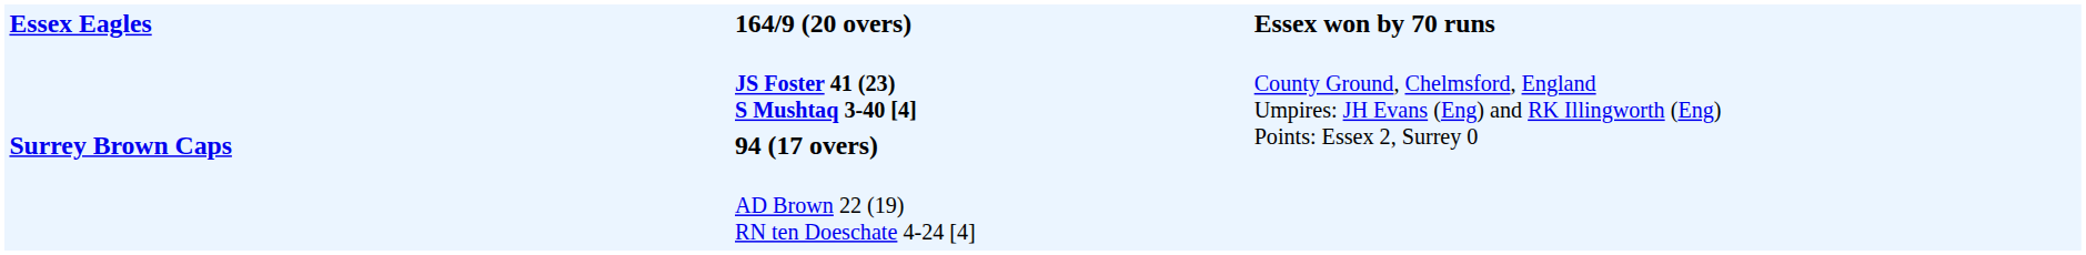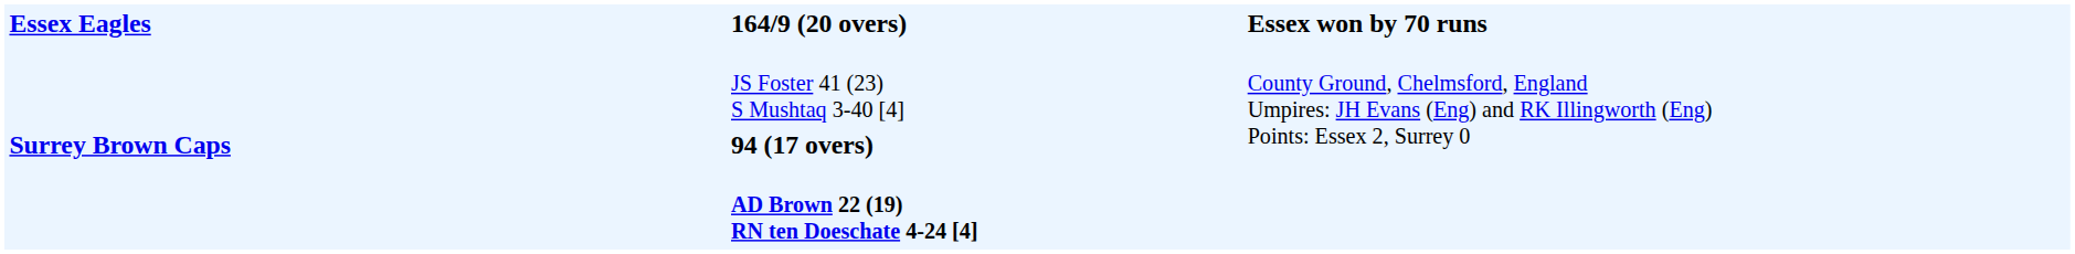 <table style="width:100%; background:#ebf5ff;">
 <tr>
 <td style="width:35%; vertical-align:top;" rowspan="2"><strong><a href='#'>Essex Eagles</a></strong></td>
 <td style="width:25%;"><strong>164/9 (20 overs)</strong></td>
 <td style="width:40%;"><strong>Essex won by 70 runs</strong></td>
 </tr>
 <tr>
-<td style="font-size: 85%;"><strong><br><a href='#'>JS Foster</a> 41 (23)<br> <a href='#'>S Mushtaq</a> 3-40 [4]</strong></td>
+<td style="font-size: 85%;"><br><a href='#'>JS Foster</a> 41 (23)<br> <a href='#'>S Mushtaq</a> 3-40 [4]</td>
 <td style="vertical-align:top; font-size:85%;" rowspan="3"><br><a href='#'>County Ground</a>, <a href='#'>Chelmsford</a>, <a href='#'>England</a><br> Umpires: <a href='#'>JH Evans</a> (<a href='#'>Eng</a>) and <a href='#'>RK Illingworth</a> (<a href='#'>Eng</a>)<br> Points: Essex 2, Surrey 0</td>
 </tr>
 <tr>
 <td style="vertical-align:top;" rowspan="2"><strong><a href='#'>Surrey Brown Caps</a></strong></td>
 <td><strong>94 (17 overs)</strong></td>
 </tr>
 <tr>
-<td style="font-size: 85%;"><br><a href='#'>AD Brown</a> 22 (19)<br> <a href='#'>RN ten Doeschate</a> 4-24 [4]</td>
+<td style="font-size: 85%;"><strong><br><a href='#'>AD Brown</a> 22 (19)<br> <a href='#'>RN ten Doeschate</a> 4-24 [4]</strong></td>
 </tr>
 </table>
